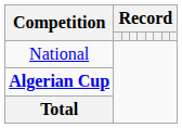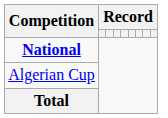 <table class="wikitable" style="text-align: center">
 <tr>
 <th rowspan=2>Competition</th>
 <th colspan=8>Record</th>
 </tr>
 <tr>
 <th></th>
 <th></th>
 <th></th>
 <th></th>
 <th></th>
 <th></th>
 <th></th>
 <th></th>
 </tr>
 <tr>
-<td><a href='#'>National</a><br></td>
+<td><strong><a href='#'>National</a><br></strong></td>
 </tr>
 <tr>
-<td><strong><a href='#'>Algerian Cup</a><br></strong></td>
+<td><a href='#'>Algerian Cup</a><br></td>
 </tr>
 <tr>
 <th>Total<br></th>
 </tr>
 </table>
